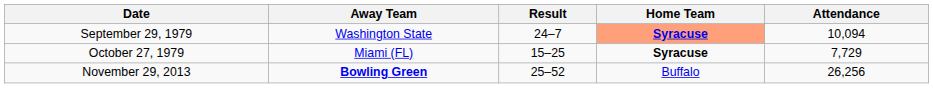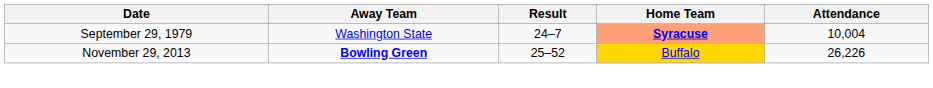 <table class="wikitable"  style="text-align:left; width:95%; text-align:center;">
 <tr>
 <th style="text-align:center; ">Date</th>
 <th style="text-align:center; ">Away Team</th>
 <th style="text-align:center; ">Result</th>
 <th style="text-align:center; ">Home Team</th>
 <th style="text-align:center; ">Attendance</th>
 </tr>
 <tr>
 <td>September 29, 1979</td>
 <td><a href='#'>Washington State</a></td>
 <td>24–7</td>
 <td style="background: lightsalmon;"><strong><a href='#'>Syracuse</a></strong></td>
-<td>10,094</td>
-</tr>
-<tr>
-<td>October 27, 1979</td>
-<td><a href='#'>Miami (FL)</a></td>
-<td>15–25</td>
-<td><strong>Syracuse</strong></td>
-<td>7,729</td>
+<td>10,004</td>
 </tr>
 <tr>
 <td>November 29, 2013</td>
 <td><strong><a href='#'>Bowling Green</a></strong></td>
 <td>25–52</td>
-<td><a href='#'>Buffalo</a></td>
-<td>26,256</td>
+<td style="background: gold;"><a href='#'>Buffalo</a></td>
+<td>26,226</td>
 </tr>
 </table>
